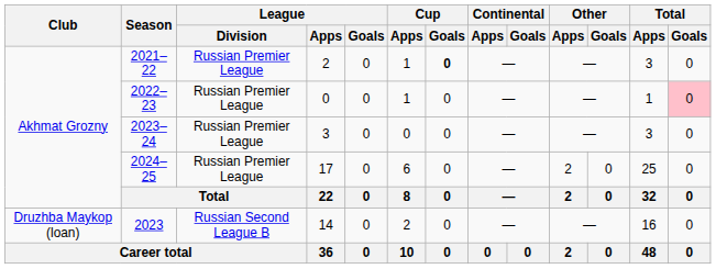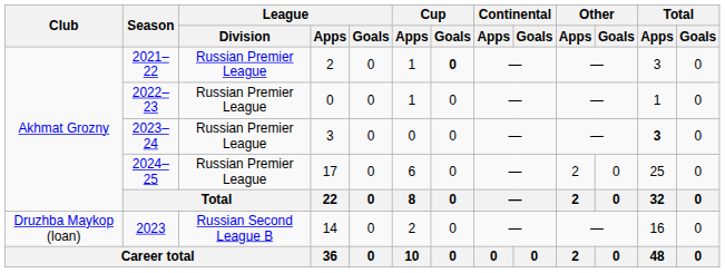 <table class="wikitable" style="text-align: center;">
 <tr>
 <th rowspan="2">Club</th>
 <th rowspan="2">Season</th>
 <th colspan="3">League</th>
 <th colspan="2">Cup</th>
 <th colspan="2">Continental</th>
 <th colspan="2">Other</th>
 <th colspan="2">Total</th>
 </tr>
 <tr>
 <th>Division</th>
 <th>Apps</th>
 <th>Goals</th>
 <th>Apps</th>
 <th>Goals</th>
 <th>Apps</th>
 <th>Goals</th>
 <th>Apps</th>
 <th>Goals</th>
 <th>Apps</th>
 <th>Goals</th>
 </tr>
 <tr>
 <td rowspan="5"><a href='#'>Akhmat Grozny</a></td>
 <td><a href='#'>2021–22</a></td>
 <td><a href='#'>Russian Premier League</a></td>
 <td>2</td>
 <td>0</td>
 <td>1</td>
 <td><strong>0</strong></td>
 <td colspan=2>—</td>
 <td colspan=2>—</td>
 <td>3</td>
 <td>0</td>
 </tr>
 <tr>
 <td><a href='#'>2022–23</a></td>
 <td>Russian Premier League</td>
 <td>0</td>
 <td>0</td>
 <td>1</td>
 <td>0</td>
 <td colspan=2>—</td>
 <td colspan=2>—</td>
 <td>1</td>
-<td style="background: pink;">0</td>
+<td>0</td>
 </tr>
 <tr>
 <td><a href='#'>2023–24</a></td>
 <td>Russian Premier League</td>
 <td>3</td>
 <td>0</td>
 <td>0</td>
 <td>0</td>
 <td colspan=2>—</td>
 <td colspan=2>—</td>
-<td>3</td>
+<td><strong>3</strong></td>
 <td>0</td>
 </tr>
 <tr>
 <td><a href='#'>2024–25</a></td>
 <td>Russian Premier League</td>
 <td>17</td>
 <td>0</td>
 <td>6</td>
 <td>0</td>
 <td colspan=2>—</td>
 <td>2</td>
 <td>0</td>
 <td>25</td>
 <td>0</td>
 </tr>
 <tr>
 <th colspan="2">Total</th>
 <th>22</th>
 <th>0</th>
 <th>8</th>
 <th>0</th>
 <th colspan=2>—</th>
 <th>2</th>
 <th>0</th>
 <th>32</th>
 <th>0</th>
 </tr>
 <tr>
 <td><a href='#'>Druzhba Maykop</a> (loan)</td>
 <td><a href='#'>2023</a></td>
 <td><a href='#'>Russian Second League B</a></td>
 <td>14</td>
 <td>0</td>
 <td>2</td>
 <td>0</td>
 <td colspan=2>—</td>
 <td colspan=2>—</td>
 <td>16</td>
 <td>0</td>
 </tr>
 <tr>
 <th colspan="3">Career total</th>
 <th>36</th>
 <th>0</th>
 <th>10</th>
 <th>0</th>
 <th>0</th>
 <th>0</th>
 <th>2</th>
 <th>0</th>
 <th>48</th>
 <th>0</th>
 </tr>
 </table>
